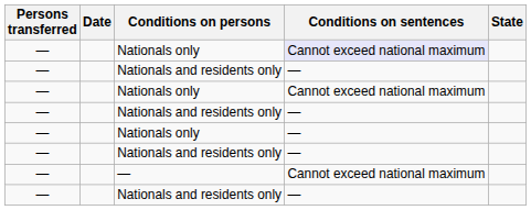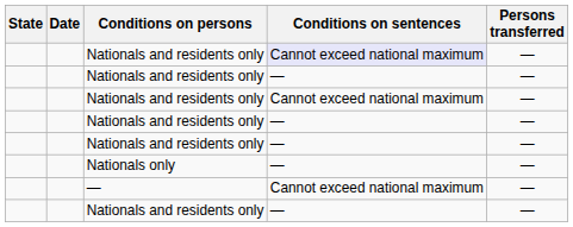 <table class="wikitable sortable">
 <tr>
-<th>Persons<br>transferred</th>
+<th>State</th>
 <th>Date</th>
 <th>Conditions on persons</th>
 <th>Conditions on sentences</th>
-<th>State</th>
+<th>Persons<br>transferred</th>
 </tr>
 <tr>
+<td></td>
+<td></td>
+<td>Nationals and residents only</td>
+<td style="background: lavender;">Cannot exceed national maximum</td>
 <td align="center">—</td>
-<td></td>
-<td>Nationals only</td>
-<td style="background: lavender;">Cannot exceed national maximum</td>
-<td></td>
 </tr>
 <tr>
-<td align="center">—</td>
+<td></td>
 <td></td>
 <td>Nationals and residents only</td>
 <td>—</td>
-<td></td>
+<td align="center">—</td>
 </tr>
 <tr>
+<td></td>
+<td></td>
+<td>Nationals and residents only</td>
+<td>Cannot exceed national maximum</td>
 <td align="center">—</td>
-<td></td>
-<td>Nationals only</td>
-<td>Cannot exceed national maximum</td>
-<td></td>
 </tr>
 <tr>
-<td align="center">—</td>
+<td></td>
 <td></td>
 <td>Nationals and residents only</td>
 <td>—</td>
-<td></td>
+<td align="center">—</td>
 </tr>
 <tr>
+<td></td>
+<td></td>
+<td>Nationals and residents only</td>
+<td>—</td>
 <td align="center">—</td>
+</tr>
+<tr>
+<td></td>
 <td></td>
 <td>Nationals only</td>
 <td>—</td>
-<td></td>
+<td align="center">—</td>
 </tr>
 <tr>
+<td></td>
+<td></td>
+<td>—</td>
+<td>Cannot exceed national maximum</td>
 <td align="center">—</td>
+</tr>
+<tr>
+<td></td>
 <td></td>
 <td>Nationals and residents only</td>
 <td>—</td>
-<td></td>
-</tr>
-<tr>
 <td align="center">—</td>
-<td></td>
-<td>—</td>
-<td>Cannot exceed national maximum</td>
-<td></td>
-</tr>
-<tr>
-<td align="center">—</td>
-<td></td>
-<td>Nationals and residents only</td>
-<td>—</td>
-<td></td>
 </tr>
 </table>
